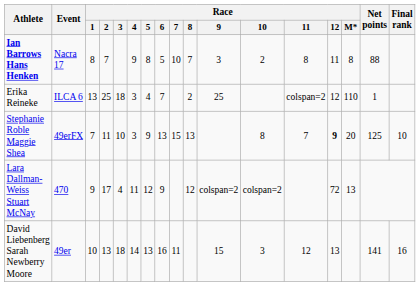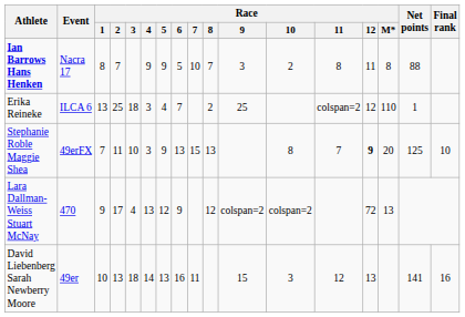 <table class=wikitable style=font-size:90%;text-align:center>
 <tr>
 <th rowspan=2>Athlete</th>
 <th rowspan=2>Event</th>
 <th colspan=13>Race</th>
 <th rowspan=2>Net points</th>
 <th rowspan=2>Final rank</th>
 </tr>
 <tr style=font-size:95%>
 <th>1</th>
 <th>2</th>
 <th>3</th>
 <th>4</th>
 <th>5</th>
 <th>6</th>
 <th>7</th>
 <th>8</th>
 <th>9</th>
 <th>10</th>
 <th>11</th>
 <th>12</th>
 <th>M*</th>
 </tr>
 <tr>
 <td align=left><strong><a href='#'>Ian Barrows</a><br><a href='#'>Hans Henken</a></strong></td>
 <td align=left><a href='#'>Nacra 17</a></td>
 <td>8</td>
 <td>7</td>
 <td></td>
 <td>9</td>
-<td>8</td>
+<td>9</td>
 <td>5</td>
 <td>10</td>
 <td>7</td>
 <td>3</td>
 <td>2</td>
 <td>8</td>
 <td>11</td>
 <td>8</td>
 <td>88</td>
 <td></td>
 </tr>
 <tr>
 <td align=left>Erika Reineke</td>
 <td align=left><a href='#'>ILCA 6</a></td>
 <td>13</td>
 <td>25</td>
 <td>18</td>
 <td>3</td>
 <td>4</td>
 <td>7</td>
 <td></td>
 <td>2</td>
 <td>25</td>
 <td></td>
 <td>colspan=2 </td>
 <td>12</td>
 <td>110</td>
 <td>1</td>
 </tr>
 <tr>
 <td align=left><a href='#'>Stephanie Roble</a><br><a href='#'>Maggie Shea</a></td>
 <td align=left><a href='#'>49erFX</a></td>
 <td>7</td>
 <td>11</td>
 <td>10</td>
 <td>3</td>
 <td>9</td>
 <td>13</td>
 <td>15</td>
 <td>13</td>
 <td></td>
 <td>8</td>
 <td>7</td>
 <td><strong>9</strong></td>
 <td>20</td>
 <td>125</td>
 <td>10</td>
 </tr>
 <tr>
 <td align=left><a href='#'>Lara Dallman-Weiss</a><br><a href='#'>Stuart McNay</a></td>
 <td align=left><a href='#'>470</a></td>
 <td>9</td>
 <td>17</td>
 <td>4</td>
-<td>11</td>
+<td>13</td>
 <td>12</td>
 <td>9</td>
 <td></td>
 <td>12</td>
 <td>colspan=2 </td>
 <td>colspan=2 </td>
 <td></td>
 <td>72</td>
 <td>13</td>
 </tr>
 <tr>
 <td align=left>David Liebenberg<br>Sarah Newberry Moore</td>
 <td align=left><a href='#'>49er</a></td>
 <td>10</td>
 <td>13</td>
 <td>18</td>
 <td>14</td>
 <td>13</td>
 <td>16</td>
 <td>11</td>
 <td></td>
 <td>15</td>
 <td>3</td>
 <td>12</td>
 <td>13</td>
 <td></td>
 <td>141</td>
 <td>16</td>
 </tr>
 </table>
